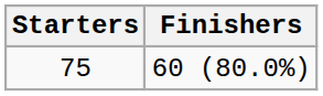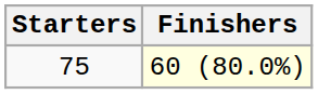 <table class="wikitable" style="font-size:85%;">
 <tr>
 <th>Starters</th>
 <th>Finishers</th>
 </tr>
 <tr>
 <td align=center>75</td>
-<td align=center>60 (80.0%)</td>
+<td align=center style="background: lightyellow;">60 (80.0%)</td>
 </tr>
 </table>
